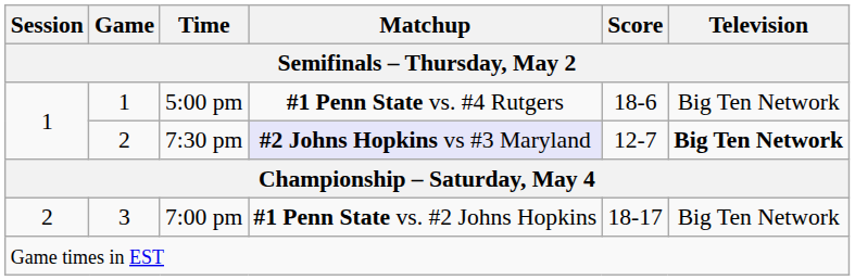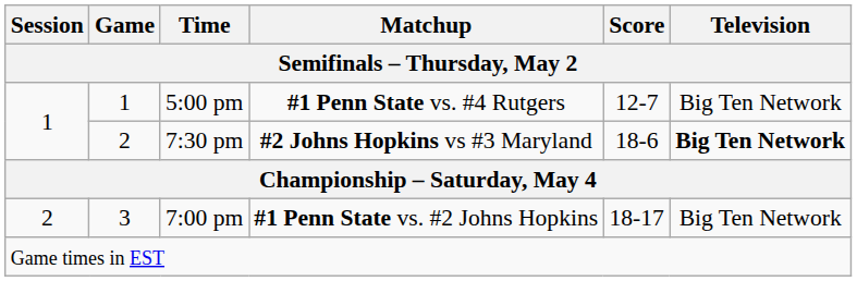 <table class="wikitable" style="font-size: 95%">
 <tr>
 <th>Session</th>
 <th>Game</th>
 <th>Time</th>
 <th>Matchup</th>
 <th>Score</th>
 <th>Television</th>
 </tr>
 <tr>
 <th colspan=6>Semifinals – Thursday, May 2</th>
 </tr>
 <tr>
 <td rowspan=2 align=center>1</td>
 <td align=center>1</td>
 <td align=right>5:00 pm</td>
 <td align=center><strong>#1 Penn State</strong> vs. #4 Rutgers</td>
-<td align=center>18-6</td>
+<td align=center>12-7</td>
 <td rowspan=1 align=center>Big Ten Network</td>
 </tr>
 <tr>
 <td align=center>2</td>
 <td align=right>7:30 pm</td>
-<td align=center style="background: lavender;"><strong>#2 Johns Hopkins</strong> vs #3 Maryland</td>
-<td align=center>12-7</td>
+<td align=center><strong>#2 Johns Hopkins</strong> vs #3 Maryland</td>
+<td align=center>18-6</td>
 <td rowspan=1 align=center><strong>Big Ten Network</strong></td>
 </tr>
 <tr>
 <th colspan=6>Championship – Saturday, May 4</th>
 </tr>
 <tr>
 <td rowspan=1 align=center>2</td>
 <td align=center>3</td>
 <td align=right>7:00 pm</td>
 <td align=center><strong>#1 Penn State</strong> vs. #2 Johns Hopkins</td>
 <td align=center>18-17</td>
 <td rowspan=1 align=center>Big Ten Network</td>
 </tr>
 <tr>
 <td colspan=6><small>Game times in <a href='#'>EST</a></small></td>
 </tr>
 </table>
